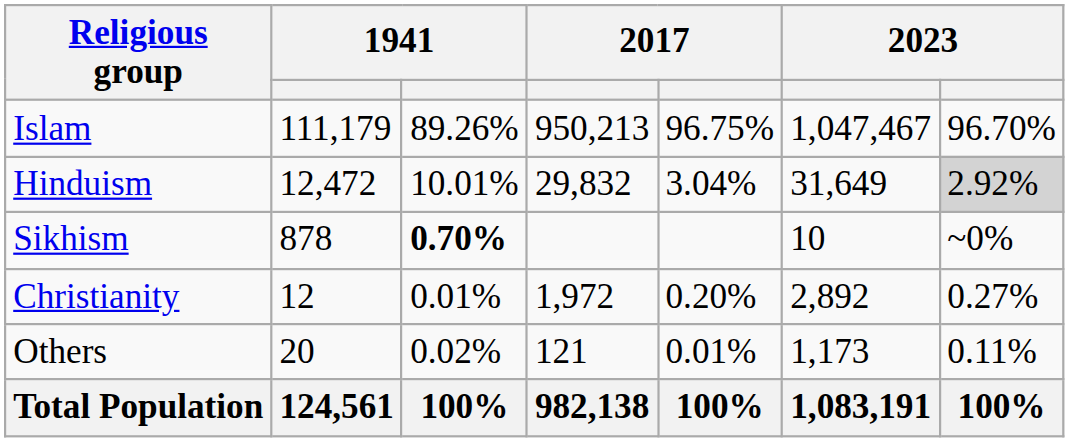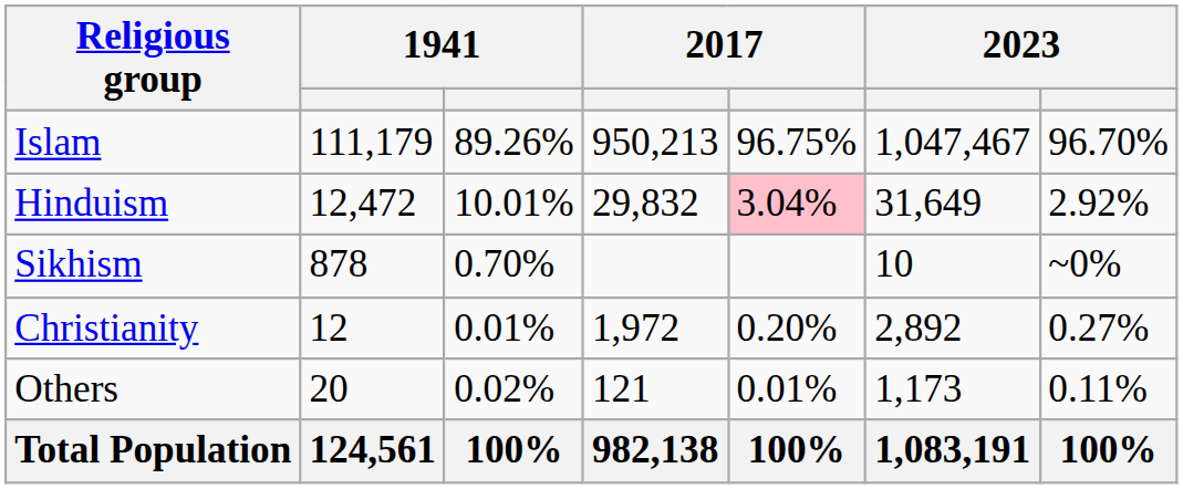 <table class="wikitable sortable">
 <tr>
 <th rowspan="2"><a href='#'>Religious</a><br>group</th>
 <th colspan="2">1941</th>
 <th colspan="2">2017</th>
 <th colspan="2">2023</th>
 </tr>
 <tr>
 <th><a href='#'></a></th>
 <th></th>
 <th></th>
 <th></th>
 <th></th>
 <th></th>
 </tr>
 <tr>
 <td><a href='#'>Islam</a> </td>
 <td>111,179</td>
 <td>89.26%</td>
 <td>950,213</td>
 <td>96.75%</td>
 <td>1,047,467</td>
 <td>96.70%</td>
 </tr>
 <tr>
 <td><a href='#'>Hinduism</a> </td>
 <td>12,472</td>
 <td>10.01%</td>
 <td>29,832</td>
-<td>3.04%</td>
+<td style="background: pink;">3.04%</td>
 <td>31,649</td>
-<td style="background: lightgrey;">2.92%</td>
+<td>2.92%</td>
 </tr>
 <tr>
 <td><a href='#'>Sikhism</a> </td>
 <td>878</td>
-<td><strong>0.70%</strong></td>
+<td>0.70%</td>
 <td></td>
 <td></td>
 <td>10</td>
 <td>~0%</td>
 </tr>
 <tr>
 <td><a href='#'>Christianity</a> </td>
 <td>12</td>
 <td>0.01%</td>
 <td>1,972</td>
 <td>0.20%</td>
 <td>2,892</td>
 <td>0.27%</td>
 </tr>
 <tr>
 <td>Others </td>
 <td>20</td>
 <td>0.02%</td>
 <td>121</td>
 <td>0.01%</td>
 <td>1,173</td>
 <td>0.11%</td>
 </tr>
 <tr>
 <th>Total Population</th>
 <th>124,561</th>
 <th>100%</th>
 <th>982,138</th>
 <th>100%</th>
 <th>1,083,191</th>
 <th>100%</th>
 </tr>
 </table>
